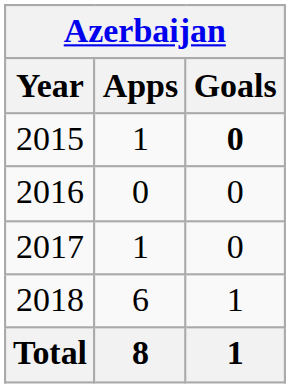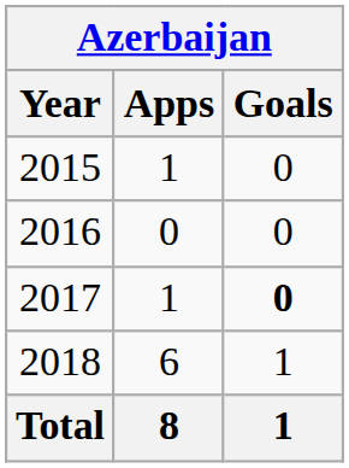 <table class="wikitable" style="text-align:center">
 <tr>
 <th colspan=3><a href='#'>Azerbaijan</a></th>
 </tr>
 <tr>
 <th>Year</th>
 <th>Apps</th>
 <th>Goals</th>
 </tr>
 <tr>
 <td>2015</td>
 <td>1</td>
-<td><strong>0</strong></td>
+<td>0</td>
 </tr>
 <tr>
 <td>2016</td>
 <td>0</td>
 <td>0</td>
 </tr>
 <tr>
 <td>2017</td>
 <td>1</td>
-<td>0</td>
+<td><strong>0</strong></td>
 </tr>
 <tr>
 <td>2018</td>
 <td>6</td>
 <td>1</td>
 </tr>
 <tr>
 <th>Total</th>
 <th>8</th>
 <th>1</th>
 </tr>
 </table>
